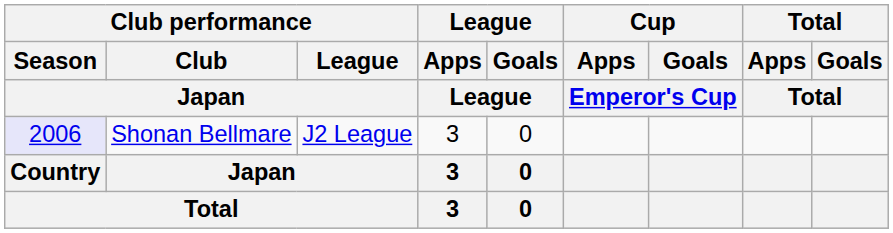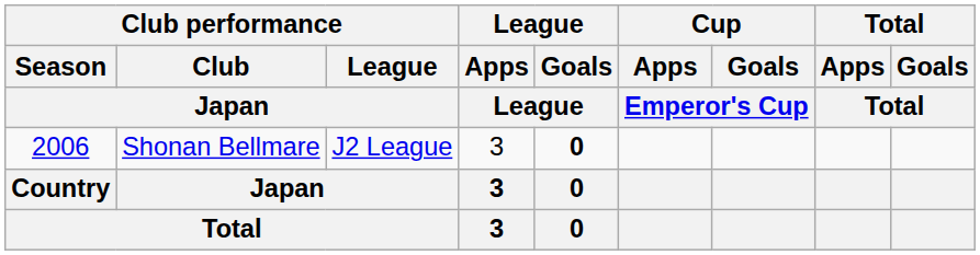 <table class="wikitable" style="text-align:center;">
 <tr>
 <th colspan=3>Club performance</th>
 <th colspan=2>League</th>
 <th colspan=2>Cup</th>
 <th colspan=2>Total</th>
 </tr>
 <tr>
 <th>Season</th>
 <th>Club</th>
 <th>League</th>
 <th>Apps</th>
 <th>Goals</th>
 <th>Apps</th>
 <th>Goals</th>
 <th>Apps</th>
 <th>Goals</th>
 </tr>
 <tr>
 <th colspan=3>Japan</th>
 <th colspan=2>League</th>
 <th colspan=2><a href='#'>Emperor's Cup</a></th>
 <th colspan=2>Total</th>
 </tr>
 <tr>
-<td style="background: lavender;"><a href='#'>2006</a></td>
+<td><a href='#'>2006</a></td>
 <td><a href='#'>Shonan Bellmare</a></td>
 <td><a href='#'>J2 League</a></td>
 <td>3</td>
-<td>0</td>
+<td><strong>0</strong></td>
 <td></td>
 <td></td>
 <td></td>
 <td></td>
 </tr>
 <tr>
 <th rowspan=1>Country</th>
 <th colspan=2>Japan</th>
 <th>3</th>
 <th>0</th>
 <th></th>
 <th></th>
 <th></th>
 <th></th>
 </tr>
 <tr>
 <th colspan=3>Total</th>
 <th>3</th>
 <th>0</th>
 <th></th>
 <th></th>
 <th></th>
 <th></th>
 </tr>
 </table>
